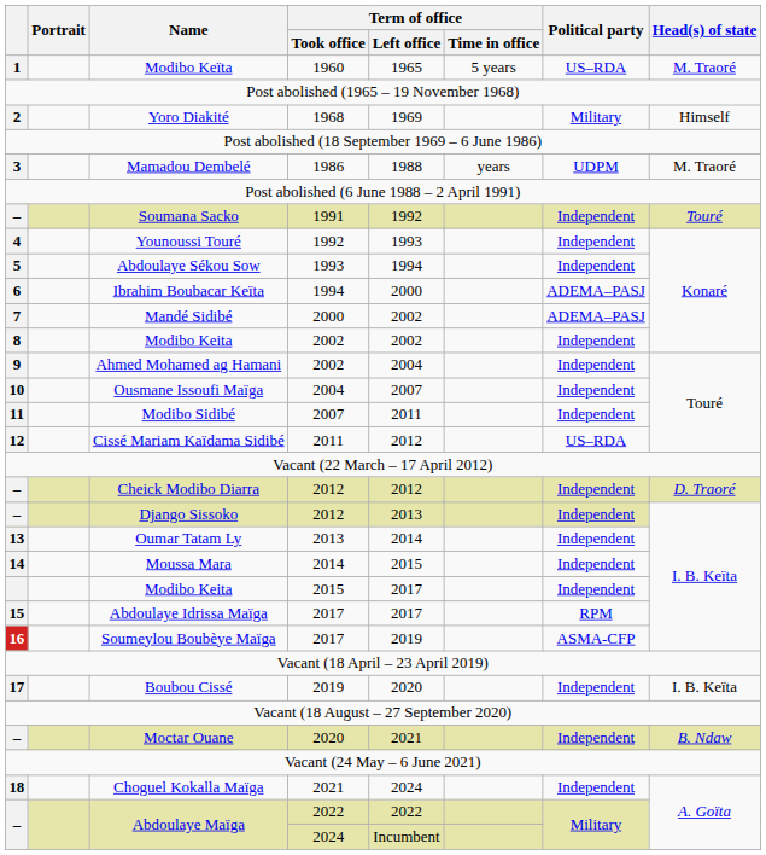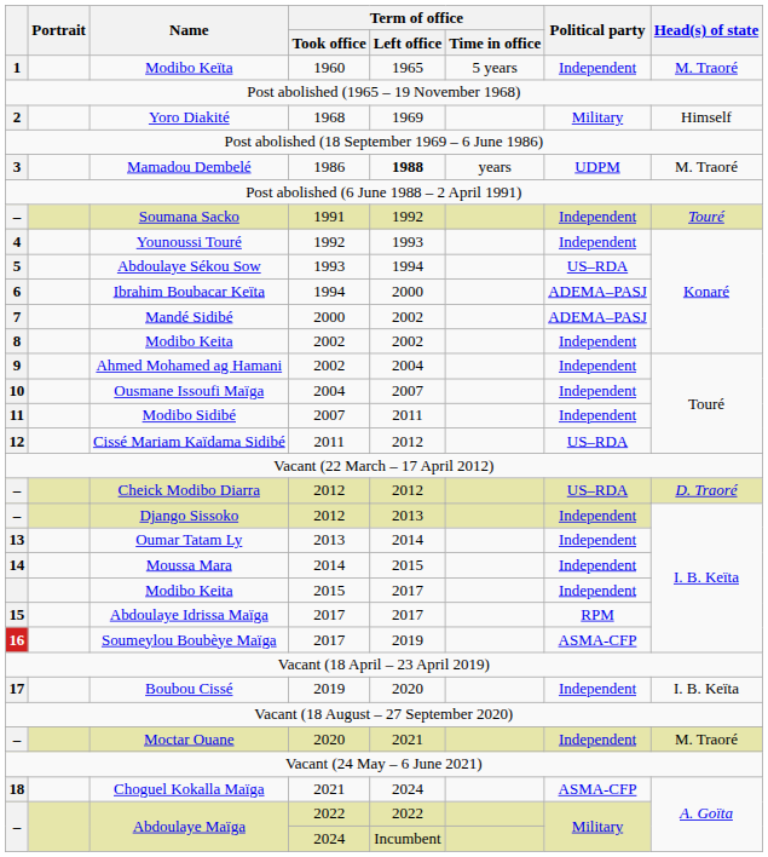 <table class="wikitable" style="text-align:center">
 <tr>
 <th rowspan="2"></th>
 <th rowspan="2">Portrait</th>
 <th rowspan="2">Name<br></th>
 <th colspan="3">Term of office</th>
 <th rowspan="2">Political party</th>
 <th rowspan="2"><a href='#'>Head(s) of state</a></th>
 </tr>
 <tr>
 <th>Took office</th>
 <th>Left office</th>
 <th>Time in office</th>
 </tr>
 <tr>
 <th style="background:">1</th>
 <td></td>
 <td><a href='#'>Modibo Keïta</a><br></td>
 <td> 1960</td>
 <td>1965</td>
 <td> 5 years</td>
-<td><a href='#'>US–RDA</a></td>
+<td><a href='#'>Independent</a></td>
 <td><a href='#'>M. Traoré</a></td>
 </tr>
 <tr>
 <td colspan="8">Post abolished (1965 – 19 November 1968)</td>
 </tr>
 <tr>
 <th style="background:">2</th>
 <td></td>
 <td><a href='#'>Yoro Diakité</a><br></td>
 <td> 1968</td>
 <td> 1969</td>
 <td></td>
 <td><a href='#'>Military</a></td>
 <td>Himself</td>
 </tr>
 <tr>
 <td colspan="8">Post abolished (18 September 1969 – 6 June 1986)</td>
 </tr>
 <tr>
 <th style="background:">3</th>
 <td></td>
 <td><a href='#'>Mamadou Dembelé</a><br></td>
 <td> 1986</td>
-<td> 1988</td>
+<td><strong> 1988</strong></td>
 <td> years</td>
 <td><a href='#'>UDPM</a></td>
 <td>M. Traoré</td>
 </tr>
 <tr>
 <td colspan="8">Post abolished (6 June 1988 – 2 April 1991)</td>
 </tr>
 <tr style="background:#e6e6aa;">
 <th rowspan=2 style="background:">–</th>
 <td rowspan=2></td>
 <td rowspan=2><a href='#'>Soumana Sacko</a><br></td>
 <td rowspan=2> 1991</td>
 <td rowspan=2> 1992</td>
 <td rowspan=2></td>
 <td rowspan=2><a href='#'>Independent</a></td>
 <td><em><a href='#'>Touré</a></em></td>
 </tr>
 <tr>
 <td rowspan=6><a href='#'>Konaré</a></td>
 </tr>
 <tr>
 <th style="background:">4</th>
 <td></td>
 <td><a href='#'>Younoussi Touré</a><br></td>
 <td> 1992</td>
 <td> 1993</td>
 <td></td>
 <td><a href='#'>Independent</a></td>
 </tr>
 <tr>
 <th style="background:">5</th>
 <td></td>
 <td><a href='#'>Abdoulaye Sékou Sow</a><br></td>
 <td> 1993</td>
 <td> 1994</td>
 <td></td>
-<td><a href='#'>Independent</a></td>
+<td><a href='#'>US–RDA</a></td>
 </tr>
 <tr>
 <th style="background:">6</th>
 <td></td>
 <td><a href='#'>Ibrahim Boubacar Keïta</a><br></td>
 <td> 1994</td>
 <td> 2000</td>
 <td></td>
 <td><a href='#'>ADEMA–PASJ</a></td>
 </tr>
 <tr>
 <th style="background:">7</th>
 <td></td>
 <td><a href='#'>Mandé Sidibé</a><br></td>
 <td> 2000</td>
 <td> 2002</td>
 <td></td>
 <td><a href='#'>ADEMA–PASJ</a></td>
 </tr>
 <tr>
 <th style="background:">8</th>
 <td></td>
 <td><a href='#'>Modibo Keita</a><br></td>
 <td> 2002</td>
 <td> 2002</td>
 <td></td>
 <td><a href='#'>Independent</a></td>
 </tr>
 <tr>
 <th style="background:">9</th>
 <td></td>
 <td><a href='#'>Ahmed Mohamed ag Hamani</a><br></td>
 <td> 2002</td>
 <td> 2004</td>
 <td></td>
 <td><a href='#'>Independent</a></td>
 <td rowspan=4>Touré</td>
 </tr>
 <tr>
 <th style="background:">10</th>
 <td></td>
 <td><a href='#'>Ousmane Issoufi Maïga</a><br></td>
 <td> 2004</td>
 <td> 2007</td>
 <td></td>
 <td><a href='#'>Independent</a></td>
 </tr>
 <tr>
 <th style="background:">11</th>
 <td></td>
 <td><a href='#'>Modibo Sidibé</a><br></td>
 <td> 2007</td>
 <td> 2011</td>
 <td></td>
 <td><a href='#'>Independent</a></td>
 </tr>
 <tr>
 <th style="background:">12</th>
 <td></td>
 <td><a href='#'>Cissé Mariam Kaïdama Sidibé</a><br></td>
 <td> 2011</td>
 <td> 2012<br></td>
 <td></td>
 <td><a href='#'>US–RDA</a></td>
 </tr>
 <tr>
 <td colspan="8">Vacant (22 March – 17 April 2012)</td>
 </tr>
 <tr style="background:#e6e6aa;">
 <th style="background:">–</th>
 <td></td>
 <td><a href='#'>Cheick Modibo Diarra</a><br></td>
 <td> 2012</td>
 <td> 2012<br></td>
 <td></td>
-<td><a href='#'>Independent</a></td>
+<td><a href='#'>US–RDA</a></td>
 <td rowspan=2><em><a href='#'>D. Traoré</a></em></td>
 </tr>
 <tr style="background:#e6e6aa;">
 <th rowspan=2 style="background:">–</th>
 <td rowspan=2></td>
 <td rowspan=2><a href='#'>Django Sissoko</a><br></td>
 <td rowspan=2> 2012</td>
 <td rowspan=2> 2013</td>
 <td rowspan=2></td>
 <td rowspan=2><a href='#'>Independent</a></td>
 </tr>
 <tr>
 <td rowspan=6><a href='#'>I. B. Keïta</a></td>
 </tr>
 <tr>
 <th style="background:">13</th>
 <td></td>
 <td><a href='#'>Oumar Tatam Ly</a><br></td>
 <td> 2013</td>
 <td> 2014</td>
 <td></td>
 <td><a href='#'>Independent</a></td>
 </tr>
 <tr>
 <th style="background:">14</th>
 <td></td>
 <td><a href='#'>Moussa Mara</a><br></td>
 <td> 2014</td>
 <td> 2015</td>
 <td></td>
 <td><a href='#'>Independent</a></td>
 </tr>
 <tr>
 <th style="background:"></th>
 <td></td>
 <td><a href='#'>Modibo Keita</a><br></td>
 <td> 2015</td>
 <td> 2017</td>
 <td></td>
 <td><a href='#'>Independent</a></td>
 </tr>
 <tr>
 <th style="background:">15</th>
 <td></td>
 <td><a href='#'>Abdoulaye Idrissa Maïga</a><br></td>
 <td> 2017</td>
 <td> 2017<br></td>
 <td></td>
 <td><a href='#'>RPM</a></td>
 </tr>
 <tr>
 <th style="background:#D32020; color:white;">16</th>
 <td></td>
 <td><a href='#'>Soumeylou Boubèye Maïga</a><br></td>
 <td> 2017</td>
 <td> 2019</td>
 <td></td>
 <td><a href='#'>ASMA-CFP</a></td>
 </tr>
 <tr>
 <td colspan="8">Vacant (18 April – 23 April 2019)</td>
 </tr>
 <tr>
 <th style="background:">17</th>
 <td></td>
 <td><a href='#'>Boubou Cissé</a><br></td>
 <td> 2019</td>
 <td> 2020<br></td>
 <td></td>
 <td><a href='#'>Independent</a></td>
 <td>I. B. Keïta</td>
 </tr>
 <tr>
 <td colspan="8">Vacant (18 August – 27 September 2020)</td>
 </tr>
 <tr style="background:#e6e6aa;">
 <th style="background:">–</th>
 <td></td>
 <td><a href='#'>Moctar Ouane</a><br></td>
 <td> 2020</td>
 <td> 2021<br></td>
 <td></td>
 <td><a href='#'>Independent</a></td>
-<td><em><a href='#'>B. Ndaw</a></em></td>
+<td>M. Traoré</td>
 </tr>
 <tr>
 <td colspan="8">Vacant (24 May – 6 June 2021)</td>
 </tr>
 <tr>
 <th style="background:">18</th>
 <td></td>
 <td><a href='#'>Choguel Kokalla Maïga</a><br></td>
 <td> 2021</td>
 <td> 2024</td>
 <td></td>
-<td><a href='#'>Independent</a></td>
+<td><a href='#'>ASMA-CFP</a></td>
 <td rowspan=3><em><a href='#'>A. Goïta</a></em></td>
 </tr>
 <tr style="background:#e6e6aa;">
 <th rowspan=2 style="background:">–</th>
 <td rowspan=2></td>
 <td rowspan=2><a href='#'>Abdoulaye Maïga</a><br></td>
 <td> 2022</td>
 <td> 2022</td>
 <td></td>
 <td rowspan=2><a href='#'>Military</a></td>
 </tr>
 <tr style="background:#e6e6aa;">
 <td> 2024</td>
 <td>Incumbent</td>
 <td></td>
 </tr>
 </table>
